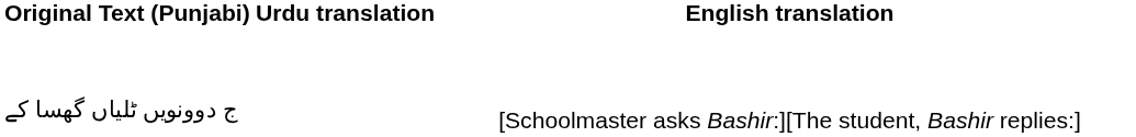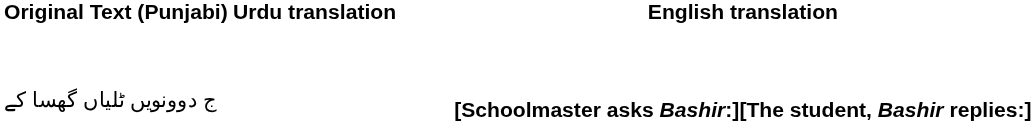 <table>
 <tr>
 <th>Original Text (Punjabi)</th>
 <th>Urdu translation</th>
 <th>English translation</th>
 </tr>
 <tr>
 <td><br><div> ج دوونویں ٹلیاں گھسا کے</div></td>
 <td><br><blockquote><div> </div> </blockquote></td>
-<td><br><blockquote><br>[Schoolmaster asks <em>Bashir</em>:][The student, <em>Bashir</em> replies:]<br> </blockquote></td>
+<td><strong><br><blockquote><br>[Schoolmaster asks <em>Bashir</em>:][The student, <em>Bashir</em> replies:]<br> </blockquote></strong></td>
 <td></td>
 </tr>
 </table>
